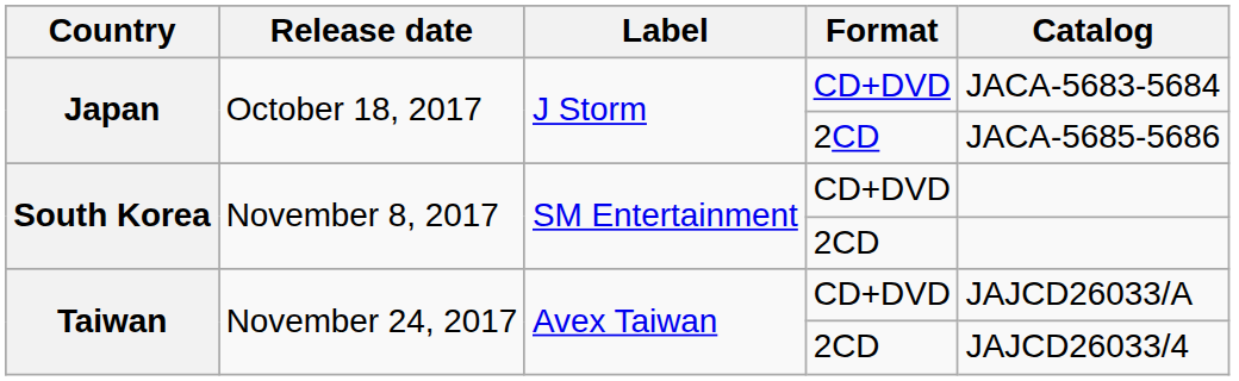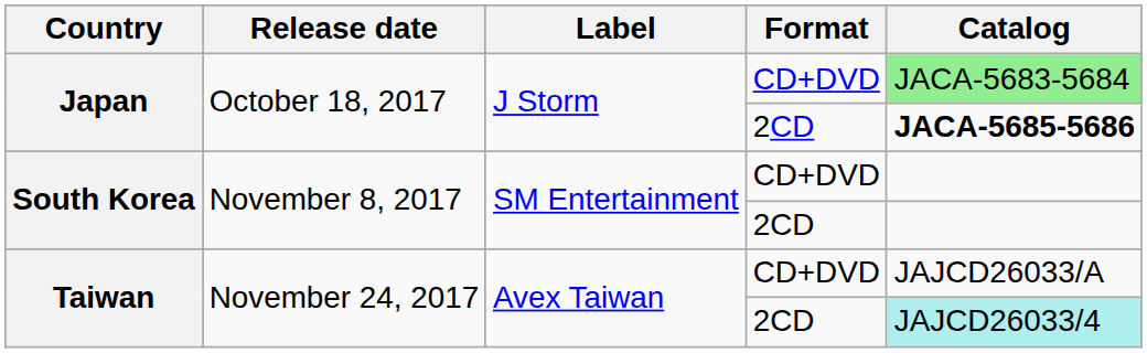 <table class="wikitable plainrowheaders">
 <tr>
 <th>Country</th>
 <th>Release date</th>
 <th>Label</th>
 <th>Format</th>
 <th>Catalog</th>
 </tr>
 <tr>
 <th scope="row" rowspan="2">Japan</th>
 <td rowspan="2">October 18, 2017</td>
 <td rowspan="2"><a href='#'>J Storm</a></td>
 <td><a href='#'>CD+DVD</a></td>
-<td>JACA-5683-5684</td>
+<td style="background: lightgreen;">JACA-5683-5684</td>
 </tr>
 <tr>
 <td>2<a href='#'>CD</a></td>
-<td>JACA-5685-5686</td>
+<td><strong>JACA-5685-5686</strong></td>
 </tr>
 <tr>
 <th scope="row" rowspan="2">South Korea</th>
 <td rowspan="2">November 8, 2017</td>
 <td rowspan="2"><a href='#'>SM Entertainment</a></td>
 <td>CD+DVD</td>
 <td></td>
 </tr>
 <tr>
 <td>2CD</td>
 <td></td>
 </tr>
 <tr>
 <th scope="row" rowspan="2">Taiwan</th>
 <td rowspan="2">November 24, 2017</td>
 <td rowspan="2"><a href='#'>Avex Taiwan</a></td>
 <td>CD+DVD</td>
 <td>JAJCD26033/A</td>
 </tr>
 <tr>
 <td>2CD</td>
-<td>JAJCD26033/4</td>
+<td style="background: paleturquoise;">JAJCD26033/4</td>
 </tr>
 </table>
